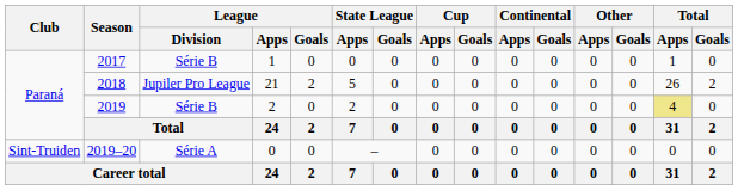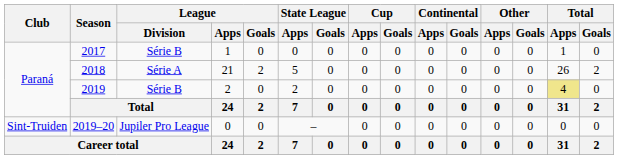 <table class="wikitable" style="text-align: center">
 <tr>
 <th rowspan="2">Club</th>
 <th rowspan="2">Season</th>
 <th colspan="3">League</th>
 <th colspan="2">State League</th>
 <th colspan="2">Cup</th>
 <th colspan="2">Continental</th>
 <th colspan="2">Other</th>
 <th colspan="2">Total</th>
 </tr>
 <tr>
 <th>Division</th>
 <th>Apps</th>
 <th>Goals</th>
 <th>Apps</th>
 <th>Goals</th>
 <th>Apps</th>
 <th>Goals</th>
 <th>Apps</th>
 <th>Goals</th>
 <th>Apps</th>
 <th>Goals</th>
 <th>Apps</th>
 <th>Goals</th>
 </tr>
 <tr>
 <td rowspan="4"><a href='#'>Paraná</a></td>
 <td><a href='#'>2017</a></td>
 <td><a href='#'>Série B</a></td>
 <td>1</td>
 <td>0</td>
 <td>0</td>
 <td>0</td>
 <td>0</td>
 <td>0</td>
 <td>0</td>
 <td>0</td>
 <td>0</td>
 <td>0</td>
 <td>1</td>
 <td>0</td>
 </tr>
 <tr>
 <td><a href='#'>2018</a></td>
-<td><a href='#'>Jupiler Pro League</a></td>
+<td><a href='#'>Série A</a></td>
 <td>21</td>
 <td>2</td>
 <td>5</td>
 <td>0</td>
 <td>0</td>
 <td>0</td>
 <td>0</td>
 <td>0</td>
 <td>0</td>
 <td>0</td>
 <td>26</td>
 <td>2</td>
 </tr>
 <tr>
 <td><a href='#'>2019</a></td>
 <td><a href='#'>Série B</a></td>
 <td>2</td>
 <td>0</td>
 <td>2</td>
 <td>0</td>
 <td>0</td>
 <td>0</td>
 <td>0</td>
 <td>0</td>
 <td>0</td>
 <td>0</td>
 <td style="background: khaki;">4</td>
 <td>0</td>
 </tr>
 <tr>
 <th colspan="2"><strong>Total</strong></th>
 <th>24</th>
 <th>2</th>
 <th>7</th>
 <th>0</th>
 <th>0</th>
 <th>0</th>
 <th>0</th>
 <th>0</th>
 <th>0</th>
 <th>0</th>
 <th>31</th>
 <th>2</th>
 </tr>
 <tr>
 <td><a href='#'>Sint-Truiden</a></td>
 <td><a href='#'>2019–20</a></td>
-<td><a href='#'>Série A</a></td>
+<td><a href='#'>Jupiler Pro League</a></td>
 <td>0</td>
 <td>0</td>
 <td colspan="2">–</td>
 <td>0</td>
 <td>0</td>
 <td>0</td>
 <td>0</td>
 <td>0</td>
 <td>0</td>
 <td>0</td>
 <td>0</td>
 </tr>
 <tr>
 <th colspan="3"><strong>Career total</strong></th>
 <th>24</th>
 <th>2</th>
 <th>7</th>
 <th>0</th>
 <th>0</th>
 <th>0</th>
 <th>0</th>
 <th>0</th>
 <th>0</th>
 <th>0</th>
 <th>31</th>
 <th>2</th>
 </tr>
 </table>
